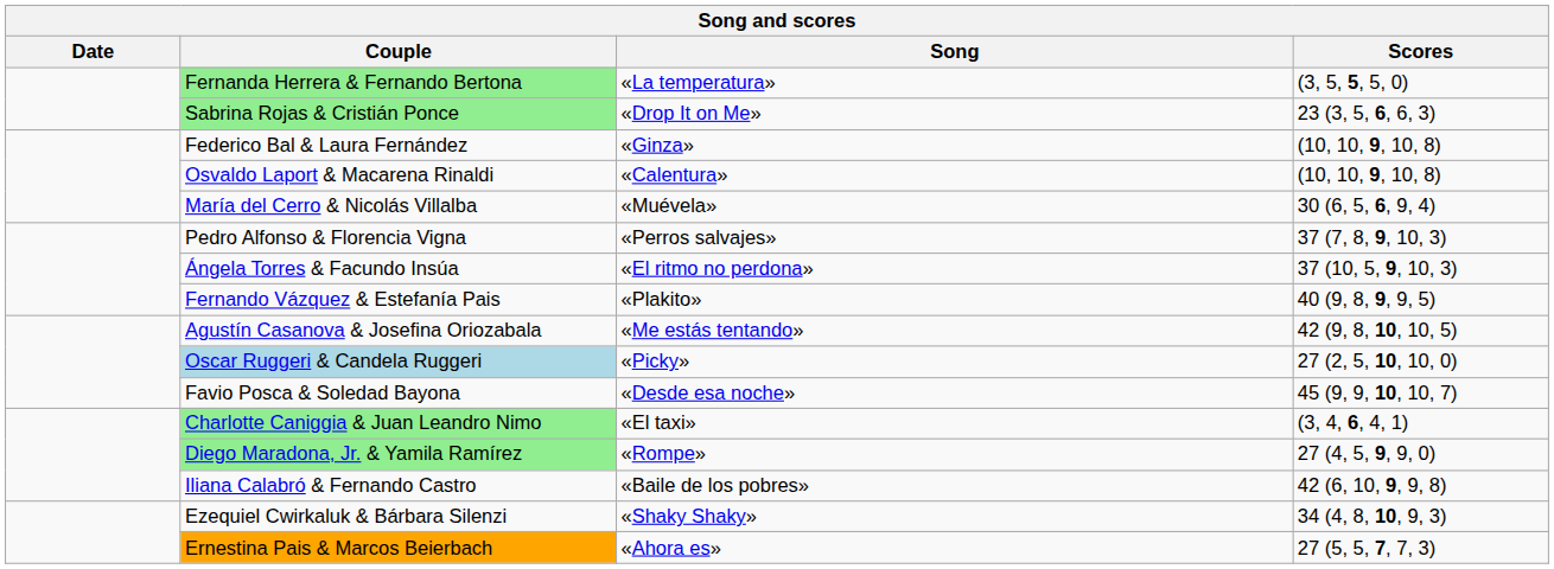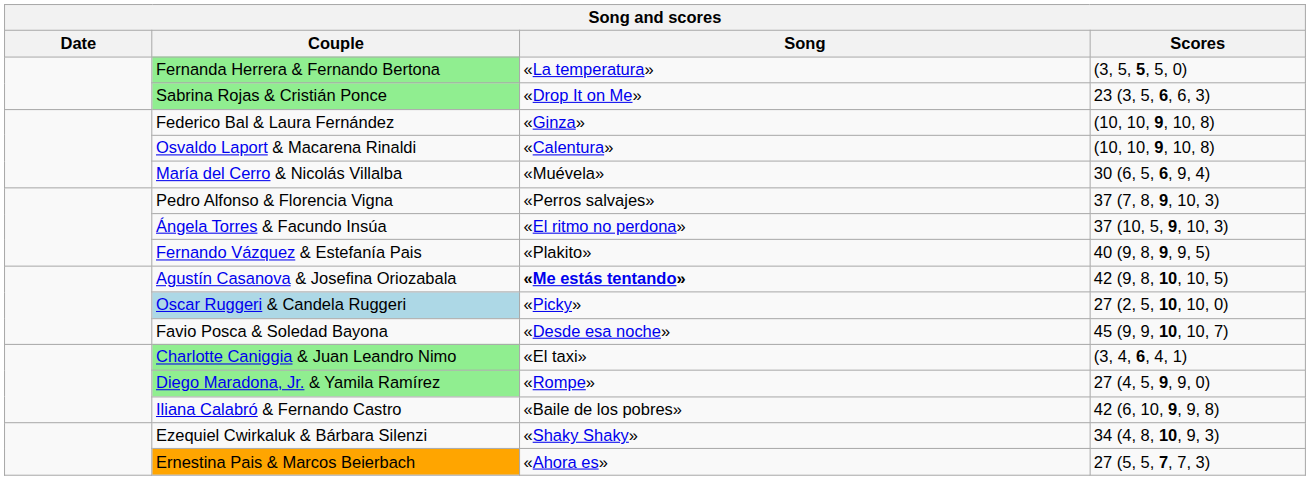 <table class="wikitable collapsible collapsed" style=" text-align: align; width: 100%;">
 <tr>
 <th colspan="11" style="with: 100%;" align="center">Song and scores</th>
 </tr>
 <tr>
 <th width=80>Date</th>
 <th width=210>Couple</th>
 <th width=330>Song</th>
 <th width=120>Scores</th>
 </tr>
 <tr>
 <td rowspan="2"></td>
 <td bgcolor="lightgreen">Fernanda Herrera & Fernando Bertona</td>
 <td>«<a href='#'>La temperatura</a>» </td>
 <td> (3, 5, <strong>5</strong>, 5, 0)</td>
 </tr>
 <tr>
 <td bgcolor="lightgreen">Sabrina Rojas & Cristián Ponce</td>
 <td>«<a href='#'>Drop It on Me</a>» </td>
 <td>23 (3, 5, <strong>6</strong>, 6, 3)</td>
 </tr>
 <tr>
 <td rowspan="3"></td>
 <td bgcolor="">Federico Bal & Laura Fernández</td>
 <td>«<a href='#'>Ginza</a>» </td>
 <td> (10, 10, <strong>9</strong>, 10, 8)</td>
 </tr>
 <tr>
 <td bgcolor=""><a href='#'>Osvaldo Laport</a> & Macarena Rinaldi</td>
 <td>«<a href='#'>Calentura</a>» </td>
 <td> (10, 10, <strong>9</strong>, 10, 8)</td>
 </tr>
 <tr>
 <td bgcolor=""><a href='#'>María del Cerro</a> & Nicolás Villalba</td>
 <td>«Muévela» </td>
 <td>30 (6, 5, <strong>6</strong>, 9, 4)</td>
 </tr>
 <tr>
 <td rowspan="3"></td>
 <td bgcolor="">Pedro Alfonso & Florencia Vigna</td>
 <td>«Perros salvajes» </td>
 <td>37 (7, 8, <strong>9</strong>, 10, 3)</td>
 </tr>
 <tr>
 <td bgcolor=""><a href='#'>Ángela Torres</a> & Facundo Insúa</td>
 <td>«<a href='#'>El ritmo no perdona</a>» </td>
 <td>37 (10, 5, <strong>9</strong>, 10, 3)</td>
 </tr>
 <tr>
 <td bgcolor=""><a href='#'>Fernando Vázquez</a> & Estefanía Pais</td>
 <td>«Plakito» </td>
 <td>40 (9, 8, <strong>9</strong>, 9, 5)</td>
 </tr>
 <tr>
 <td rowspan="3"></td>
 <td bgcolor=""><a href='#'>Agustín Casanova</a> & Josefina Oriozabala</td>
-<td>«<a href='#'>Me estás tentando</a>» </td>
+<td><strong>«<a href='#'>Me estás tentando</a>» </strong></td>
 <td>42 (9, 8, <strong>10</strong>, 10, 5)</td>
 </tr>
 <tr>
 <td bgcolor="lightblue"><a href='#'>Oscar Ruggeri</a> & Candela Ruggeri</td>
 <td>«<a href='#'>Picky</a>» </td>
 <td>27 (2, 5, <strong>10</strong>, 10, 0)</td>
 </tr>
 <tr>
 <td bgcolor="">Favio Posca & Soledad Bayona</td>
 <td>«<a href='#'>Desde esa noche</a>» </td>
 <td>45 (9, 9, <strong>10</strong>, 10, 7)</td>
 </tr>
 <tr>
 <td rowspan="3"></td>
 <td bgcolor="lightgreen"><a href='#'>Charlotte Caniggia</a> & Juan Leandro Nimo</td>
 <td>«El taxi» </td>
 <td> (3, 4, <strong>6</strong>, 4, 1)</td>
 </tr>
 <tr>
 <td bgcolor="lightgreen"><a href='#'>Diego Maradona, Jr.</a> & Yamila Ramírez</td>
 <td>«<a href='#'>Rompe</a>» </td>
 <td>27 (4, 5, <strong>9</strong>, 9, 0)</td>
 </tr>
 <tr>
 <td bgcolor=""><a href='#'>Iliana Calabró</a> & Fernando Castro</td>
 <td>«Baile de los pobres» </td>
 <td>42 (6, 10, <strong>9</strong>, 9, 8)</td>
 </tr>
 <tr>
 <td rowspan="2"></td>
 <td bgcolor="">Ezequiel Cwirkaluk & Bárbara Silenzi</td>
 <td>«<a href='#'>Shaky Shaky</a>» </td>
 <td>34 (4, 8, <strong>10</strong>, 9, 3)</td>
 </tr>
 <tr>
 <td bgcolor="orange">Ernestina Pais & Marcos Beierbach</td>
 <td>«<a href='#'>Ahora es</a>» </td>
 <td>27 (5, 5, <strong>7</strong>, 7, 3)</td>
 </tr>
 </table>
